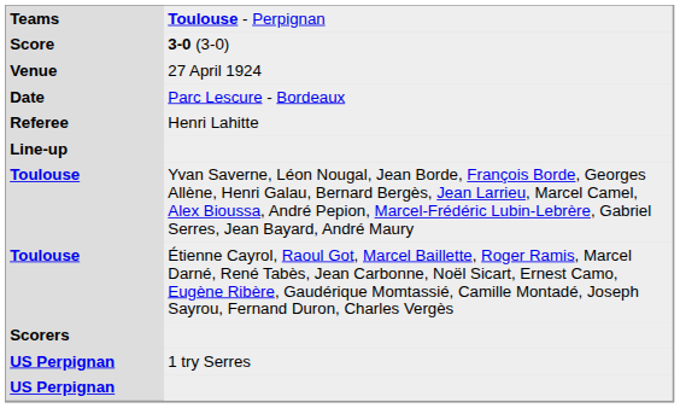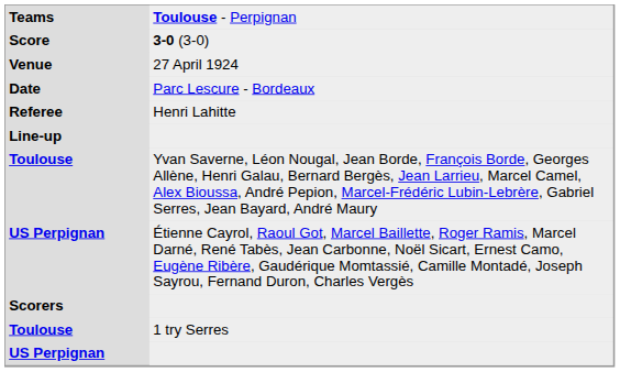 <table align="left" cellpadding="4" cellspacing="0"  style="margin: 0 0 0 0; border: 1px solid #999; border-right-width: 2px; border-bottom-width: 2px; background-color: #DDDDDD">
 <tr>
 <td width="150" valign="top"><strong>Teams</strong></td>
 <td width="500" bgcolor=#EEEEEE><strong><a href='#'>Toulouse</a></strong> - <a href='#'>Perpignan</a></td>
 </tr>
 <tr>
 <td valign="top"><strong>Score</strong></td>
 <td bgcolor=#EEEEEE><strong>3-0</strong> (3-0)</td>
 </tr>
 <tr>
 <td valign="top"><strong>Venue</strong></td>
 <td bgcolor=#EEEEEE>27 April 1924</td>
 </tr>
 <tr>
 <td valign="top"><strong>Date</strong></td>
 <td bgcolor=#EEEEEE><a href='#'>Parc Lescure</a> - <a href='#'>Bordeaux</a></td>
 </tr>
 <tr>
 <td valign="top"><strong>Referee</strong></td>
 <td bgcolor=#EEEEEE>Henri Lahitte</td>
 </tr>
 <tr>
 <td valign="top"><strong>Line-up</strong></td>
 <td bgcolor=#EEEEEE></td>
 </tr>
 <tr>
 <td valign="top"><strong><a href='#'>Toulouse</a> </strong></td>
 <td bgcolor=#EEEEEE>Yvan Saverne, Léon Nougal, Jean Borde, <a href='#'>François Borde</a>, Georges Allène, Henri Galau, Bernard Bergès, <a href='#'>Jean Larrieu</a>, Marcel Camel, <a href='#'>Alex Bioussa</a>, André Pepion, <a href='#'>Marcel-Frédéric Lubin-Lebrère</a>, Gabriel Serres, Jean Bayard, André Maury</td>
 </tr>
 <tr>
-<td valign="top"><strong><a href='#'>Toulouse</a>  </strong></td>
+<td valign="top"><strong><a href='#'>US Perpignan</a> </strong></td>
 <td bgcolor=#EEEEEE>Étienne Cayrol, <a href='#'>Raoul Got</a>, <a href='#'>Marcel Baillette</a>, <a href='#'>Roger Ramis</a>, Marcel Darné, René Tabès, Jean Carbonne, Noël Sicart, Ernest Camo, <a href='#'>Eugène Ribère</a>, Gaudérique Momtassié, Camille Montadé, Joseph Sayrou, Fernand Duron, Charles Vergès</td>
 </tr>
 <tr>
 <td valign="top"><strong>Scorers</strong></td>
 <td bgcolor=#EEEEEE></td>
 </tr>
 <tr>
-<td valign="top"><strong><a href='#'>US Perpignan</a> </strong></td>
+<td valign="top"><strong><a href='#'>Toulouse</a>  </strong></td>
 <td bgcolor=#EEEEEE>1 try Serres</td>
 </tr>
 <tr>
 <td valign="top"><strong><a href='#'>US Perpignan</a> </strong></td>
 <td bgcolor=#EEEEEE></td>
 </tr>
 </table>
